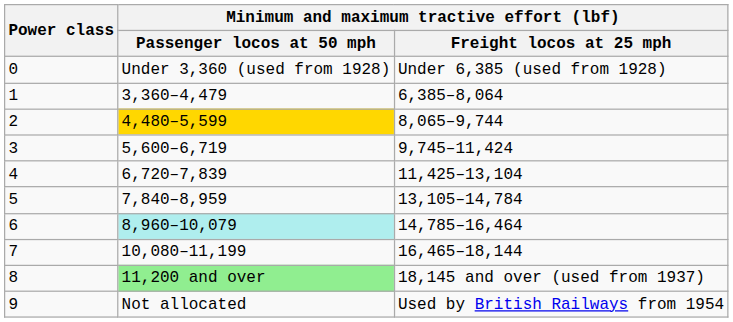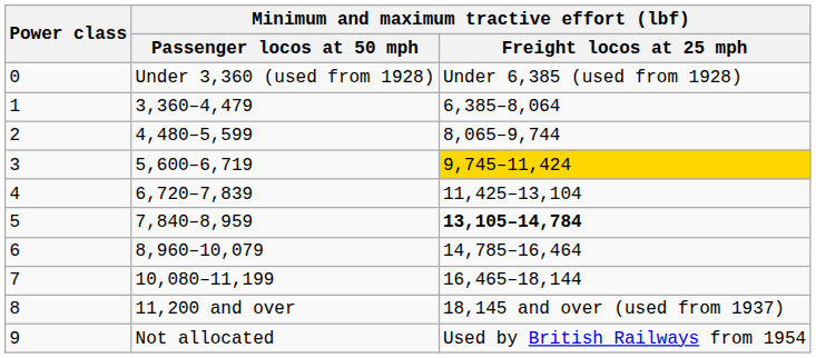 <table class="wikitable">
 <tr>
 <th rowspan=2>Power class</th>
 <th colspan=2>Minimum and maximum tractive effort (lbf)</th>
 </tr>
 <tr>
 <th>Passenger locos at 50 mph</th>
 <th>Freight locos at 25 mph</th>
 </tr>
 <tr>
 <td>0</td>
 <td>Under 3,360 (used from 1928)</td>
 <td>Under 6,385 (used from 1928)</td>
 </tr>
 <tr>
 <td>1</td>
 <td>3,360–4,479</td>
 <td>6,385–8,064</td>
 </tr>
 <tr>
 <td>2</td>
-<td style="background: gold;">4,480–5,599</td>
+<td>4,480–5,599</td>
 <td>8,065–9,744</td>
 </tr>
 <tr>
 <td>3</td>
 <td>5,600–6,719</td>
-<td>9,745–11,424</td>
+<td style="background: gold;">9,745–11,424</td>
 </tr>
 <tr>
 <td>4</td>
 <td>6,720–7,839</td>
 <td>11,425–13,104</td>
 </tr>
 <tr>
 <td>5</td>
 <td>7,840–8,959</td>
-<td>13,105–14,784</td>
+<td><strong>13,105–14,784</strong></td>
 </tr>
 <tr>
 <td>6</td>
-<td style="background: paleturquoise;">8,960–10,079</td>
+<td>8,960–10,079</td>
 <td>14,785–16,464</td>
 </tr>
 <tr>
 <td>7</td>
 <td>10,080–11,199</td>
 <td>16,465–18,144</td>
 </tr>
 <tr>
 <td>8</td>
-<td style="background: lightgreen;">11,200 and over</td>
+<td>11,200 and over</td>
 <td>18,145 and over (used from 1937)</td>
 </tr>
 <tr>
 <td>9</td>
 <td>Not allocated</td>
 <td>Used by <a href='#'>British Railways</a> from 1954</td>
 </tr>
 </table>
